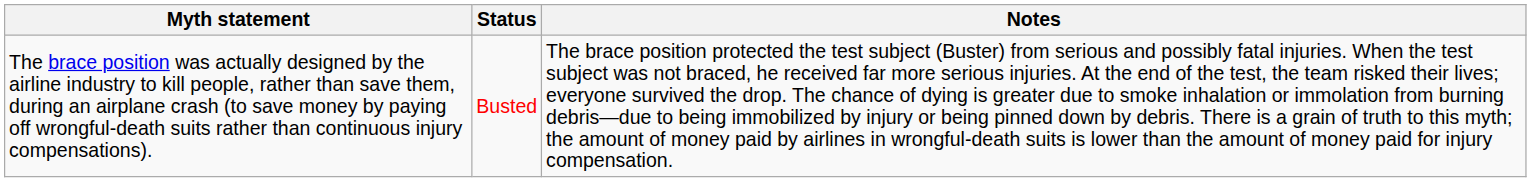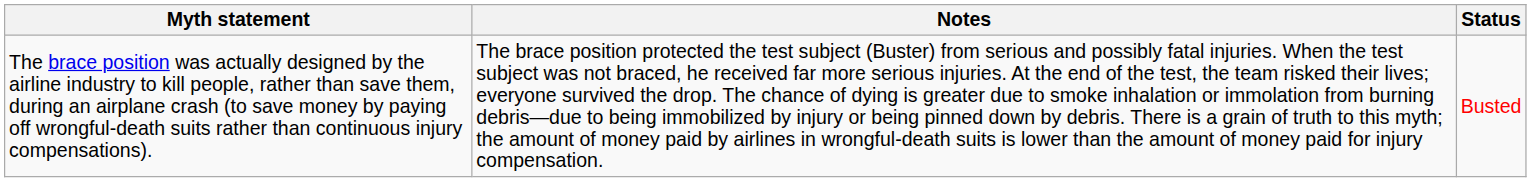 <table class="wikitable plainrowheaders">
 <tr>
 <th>Myth statement</th>
+<th>Notes</th>
 <th>Status</th>
-<th>Notes</th>
 </tr>
 <tr>
 <td>The <a href='#'>brace position</a> was actually designed by the airline industry to kill people, rather than save them, during an airplane crash (to save money by paying off wrongful-death suits rather than continuous injury compensations).</td>
+<td>The brace position protected the test subject (Buster) from serious and possibly fatal injuries. When the test subject was not braced, he received far more serious injuries. At the end of the test, the team risked their lives; everyone survived the drop. The chance of dying is greater due to smoke inhalation or immolation from burning debris—due to being immobilized by injury or being pinned down by debris. There is a grain of truth to this myth; the amount of money paid by airlines in wrongful-death suits is lower than the amount of money paid for injury compensation.</td>
 <td style="color:red">Busted</td>
-<td>The brace position protected the test subject (Buster) from serious and possibly fatal injuries. When the test subject was not braced, he received far more serious injuries. At the end of the test, the team risked their lives; everyone survived the drop. The chance of dying is greater due to smoke inhalation or immolation from burning debris—due to being immobilized by injury or being pinned down by debris. There is a grain of truth to this myth; the amount of money paid by airlines in wrongful-death suits is lower than the amount of money paid for injury compensation.</td>
 </tr>
 </table>
